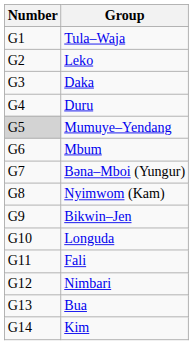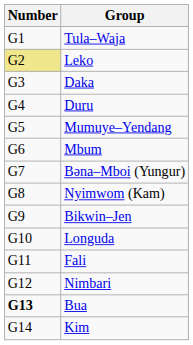 <table class="wikitable sortable">
 <tr>
 <th>Number</th>
 <th>Group</th>
 </tr>
 <tr>
 <td>G1</td>
 <td><a href='#'>Tula–Waja</a></td>
 </tr>
 <tr>
-<td>G2</td>
+<td style="background: khaki;">G2</td>
 <td><a href='#'>Leko</a></td>
 </tr>
 <tr>
 <td>G3</td>
 <td><a href='#'>Daka</a></td>
 </tr>
 <tr>
 <td>G4</td>
 <td><a href='#'>Duru</a></td>
 </tr>
 <tr>
-<td style="background: lightgrey;">G5</td>
+<td>G5</td>
 <td><a href='#'>Mumuye–Yendang</a></td>
 </tr>
 <tr>
 <td>G6</td>
 <td><a href='#'>Mbum</a></td>
 </tr>
 <tr>
 <td>G7</td>
 <td><a href='#'>Bəna–Mboi</a> (Yungur)</td>
 </tr>
 <tr>
 <td>G8</td>
 <td><a href='#'>Nyimwom</a> (Kam)</td>
 </tr>
 <tr>
 <td>G9</td>
 <td><a href='#'>Bikwin–Jen</a></td>
 </tr>
 <tr>
 <td>G10</td>
 <td><a href='#'>Longuda</a></td>
 </tr>
 <tr>
 <td>G11</td>
 <td><a href='#'>Fali</a></td>
 </tr>
 <tr>
 <td>G12</td>
 <td><a href='#'>Nimbari</a></td>
 </tr>
 <tr>
-<td>G13</td>
+<td><strong>G13</strong></td>
 <td><a href='#'>Bua</a></td>
 </tr>
 <tr>
 <td>G14</td>
 <td><a href='#'>Kim</a></td>
 </tr>
 </table>
